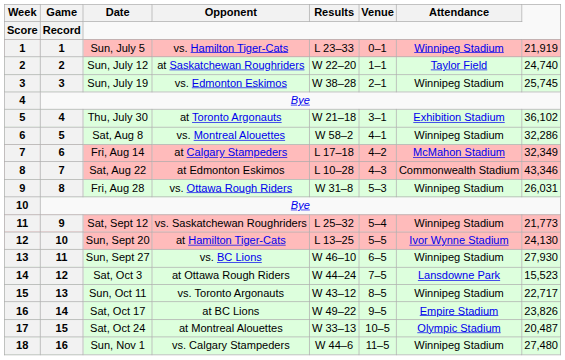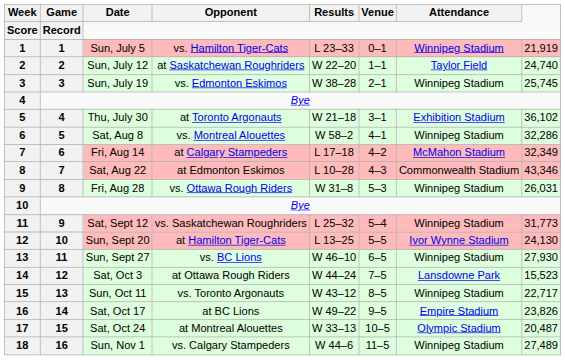 <table class="wikitable" style="text-align:center">
 <tr>
 <th>Week</th>
 <th>Game</th>
 <th>Date</th>
 <th>Opponent</th>
 <th>Results</th>
 <th>Venue</th>
 <th>Attendance</th>
 </tr>
 <tr>
 <th>Score</th>
 <th>Record</th>
 </tr>
 <tr style="background:#ffbbbb">
 <th>1</th>
 <th>1</th>
 <td>Sun, July 5</td>
 <td>vs. <a href='#'>Hamilton Tiger-Cats</a></td>
 <td>L 23–33</td>
 <td>0–1</td>
 <td><a href='#'>Winnipeg Stadium</a></td>
 <td>21,919</td>
 </tr>
 <tr style="background:#ddffdd">
 <th>2</th>
 <th>2</th>
 <td>Sun, July 12</td>
 <td>at <a href='#'>Saskatchewan Roughriders</a></td>
 <td>W 22–20</td>
 <td>1–1</td>
 <td><a href='#'>Taylor Field</a></td>
 <td>24,740</td>
 </tr>
 <tr style="background:#ddffdd">
 <th>3</th>
 <th>3</th>
 <td>Sun, July 19</td>
 <td>vs. <a href='#'>Edmonton Eskimos</a></td>
 <td>W 38–28</td>
 <td>2–1</td>
 <td>Winnipeg Stadium</td>
 <td>25,745</td>
 </tr>
 <tr>
 <th>4</th>
 <td colspan=7><em><a href='#'>Bye</a></em></td>
 </tr>
 <tr style="background:#ddffdd">
 <th>5</th>
 <th>4</th>
 <td>Thu, July 30</td>
 <td>at <a href='#'>Toronto Argonauts</a></td>
 <td>W 21–18</td>
 <td>3–1</td>
 <td><a href='#'>Exhibition Stadium</a></td>
 <td>36,102</td>
 </tr>
 <tr style="background:#ddffdd">
 <th>6</th>
 <th>5</th>
 <td>Sat, Aug 8</td>
 <td>vs. <a href='#'>Montreal Alouettes</a></td>
 <td>W 58–2</td>
 <td>4–1</td>
 <td>Winnipeg Stadium</td>
 <td>32,286</td>
 </tr>
 <tr style="background:#ffbbbb">
 <th>7</th>
 <th>6</th>
 <td>Fri, Aug 14</td>
 <td>at <a href='#'>Calgary Stampeders</a></td>
 <td>L 17–18</td>
 <td>4–2</td>
 <td><a href='#'>McMahon Stadium</a></td>
 <td>32,349</td>
 </tr>
 <tr style="background:#ffbbbb">
 <th>8</th>
 <th>7</th>
 <td>Sat, Aug 22</td>
 <td>at Edmonton Eskimos</td>
 <td>L 10–28</td>
 <td>4–3</td>
 <td>Commonwealth Stadium</td>
 <td>43,346</td>
 </tr>
 <tr style="background:#ddffdd">
 <th>9</th>
 <th>8</th>
 <td>Fri, Aug 28</td>
 <td>vs. <a href='#'>Ottawa Rough Riders</a></td>
 <td>W 31–8</td>
 <td>5–3</td>
 <td>Winnipeg Stadium</td>
 <td>26,031</td>
 </tr>
 <tr>
 <th>10</th>
 <td colspan=7><em><a href='#'>Bye</a></em></td>
 </tr>
 <tr style="background:#ffbbbb">
 <th>11</th>
 <th>9</th>
 <td>Sat, Sept 12</td>
 <td>vs. Saskatchewan Roughriders</td>
 <td>L 25–32</td>
 <td>5–4</td>
 <td>Winnipeg Stadium</td>
-<td>21,773</td>
+<td>31,773</td>
 </tr>
 <tr style="background:#ffbbbb">
 <th>12</th>
 <th>10</th>
 <td>Sun, Sept 20</td>
 <td>at <a href='#'>Hamilton Tiger-Cats</a></td>
 <td>L 13–25</td>
 <td>5–5</td>
 <td><a href='#'>Ivor Wynne Stadium</a></td>
 <td>24,130</td>
 </tr>
 <tr style="background:#ddffdd">
 <th>13</th>
 <th>11</th>
 <td>Sun, Sept 27</td>
 <td>vs. <a href='#'>BC Lions</a></td>
 <td>W 46–10</td>
 <td>6–5</td>
 <td>Winnipeg Stadium</td>
 <td>27,930</td>
 </tr>
 <tr style="background:#ddffdd">
 <th>14</th>
 <th>12</th>
 <td>Sat, Oct 3</td>
 <td>at Ottawa Rough Riders</td>
 <td>W 44–24</td>
 <td>7–5</td>
 <td><a href='#'>Lansdowne Park</a></td>
 <td>15,523</td>
 </tr>
 <tr style="background:#ddffdd">
 <th>15</th>
 <th>13</th>
 <td>Sun, Oct 11</td>
 <td>vs. Toronto Argonauts</td>
 <td>W 43–12</td>
 <td>8–5</td>
 <td>Winnipeg Stadium</td>
 <td>22,717</td>
 </tr>
 <tr style="background:#ddffdd">
 <th>16</th>
 <th>14</th>
 <td>Sat, Oct 17</td>
 <td>at BC Lions</td>
 <td>W 49–22</td>
 <td>9–5</td>
 <td><a href='#'>Empire Stadium</a></td>
 <td>23,826</td>
 </tr>
 <tr style="background:#ddffdd">
 <th>17</th>
 <th>15</th>
 <td>Sat, Oct 24</td>
 <td>at Montreal Alouettes</td>
 <td>W 33–13</td>
 <td>10–5</td>
 <td><a href='#'>Olympic Stadium</a></td>
 <td>20,487</td>
 </tr>
 <tr style="background:#ddffdd">
 <th>18</th>
 <th>16</th>
 <td>Sun, Nov 1</td>
 <td>vs. Calgary Stampeders</td>
 <td>W 44–6</td>
 <td>11–5</td>
 <td>Winnipeg Stadium</td>
-<td>27,480</td>
+<td>27,489</td>
 </tr>
 </table>
